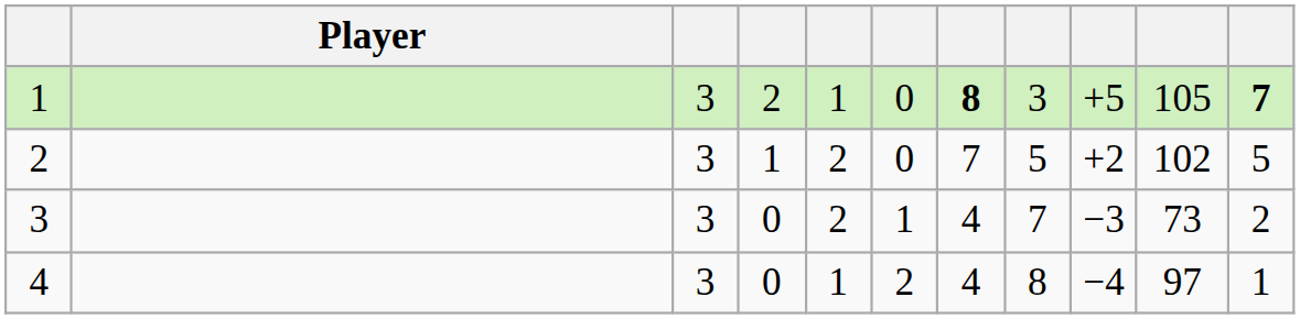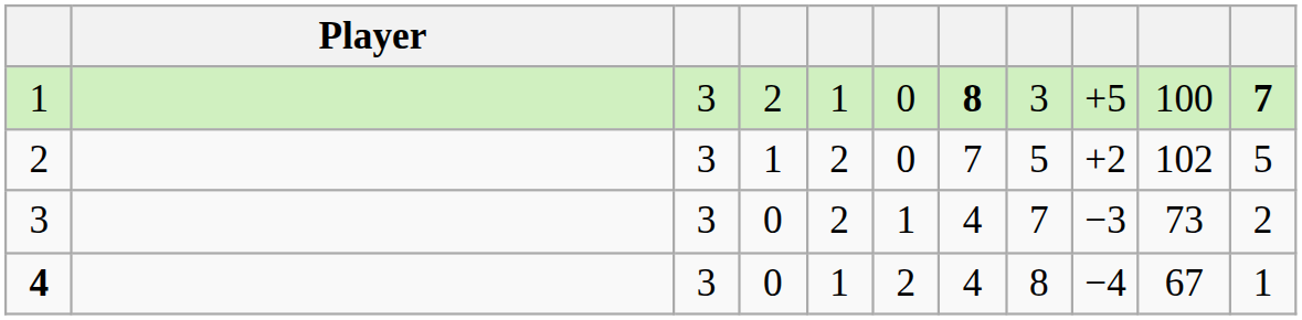 <table class="wikitable" style="text-align:center; margin: 1em auto 1em auto, align:left">
 <tr>
 <th width=20></th>
 <th width=240>Player</th>
 <th width=20></th>
 <th width=20></th>
 <th width=20></th>
 <th width=20></th>
 <th width=20></th>
 <th width=20></th>
 <th width=20></th>
 <th width=30></th>
 <th width=20></th>
 </tr>
 <tr style="background:#D0F0C0;">
 <td>1</td>
 <td align=left></td>
 <td>3</td>
 <td>2</td>
 <td>1</td>
 <td>0</td>
 <td><strong>8</strong></td>
 <td>3</td>
 <td>+5</td>
-<td>105</td>
+<td>100</td>
 <td><strong>7</strong></td>
 </tr>
 <tr style=>
 <td>2</td>
 <td align=left></td>
 <td>3</td>
 <td>1</td>
 <td>2</td>
 <td>0</td>
 <td>7</td>
 <td>5</td>
 <td>+2</td>
 <td>102</td>
 <td>5</td>
 </tr>
 <tr style=>
 <td>3</td>
 <td align=left></td>
 <td>3</td>
 <td>0</td>
 <td>2</td>
 <td>1</td>
 <td>4</td>
 <td>7</td>
 <td>−3</td>
 <td>73</td>
 <td>2</td>
 </tr>
 <tr style=>
-<td>4</td>
+<td><strong>4</strong></td>
 <td align=left></td>
 <td>3</td>
 <td>0</td>
 <td>1</td>
 <td>2</td>
 <td>4</td>
 <td>8</td>
 <td>−4</td>
-<td>97</td>
+<td>67</td>
 <td>1</td>
 </tr>
 </table>
